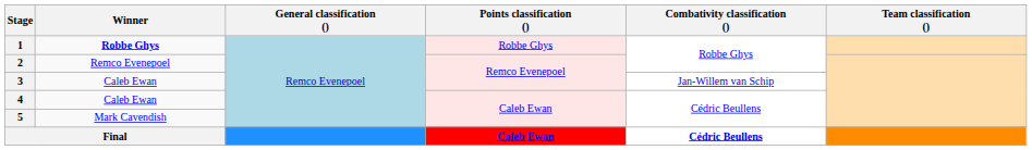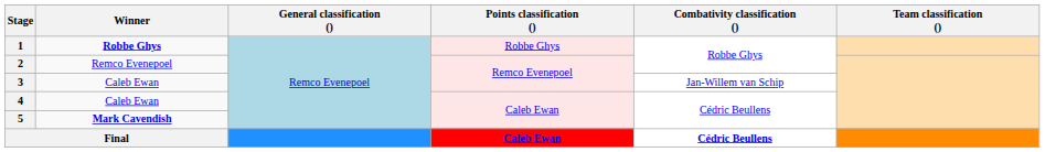 <table class="wikitable" style="text-align: center; font-size:smaller;">
 <tr style="background:#efefef;">
 <th width="1%">Stage</th>
 <th width="19%">Winner</th>
 <th width="20%">General classification<br>()<br></th>
 <th width="20%">Points classification<br>()<br></th>
 <th width="20%">Combativity classification<br>()<br></th>
 <th width="20%">Team classification<br>()</th>
 </tr>
 <tr>
 <th>1</th>
 <td><strong><a href='#'>Robbe Ghys</a></strong></td>
 <td style="background:lightblue;" rowspan="5"><a href='#'>Remco Evenepoel</a></td>
 <td style="background:#FFE6E6;"><a href='#'>Robbe Ghys</a></td>
 <td style="background:white;" rowspan="2"><a href='#'>Robbe Ghys</a></td>
 <td style="background:navajowhite;"></td>
 </tr>
 <tr>
 <th>2</th>
 <td><a href='#'>Remco Evenepoel</a></td>
 <td style="background:#FFE6E6;" rowspan="2"><a href='#'>Remco Evenepoel</a></td>
 <td style="background:navajowhite;" rowspan="4"></td>
 </tr>
 <tr>
 <th>3</th>
 <td><a href='#'>Caleb Ewan</a></td>
 <td style="background:white;"><a href='#'>Jan-Willem van Schip</a></td>
 </tr>
 <tr>
 <th>4</th>
 <td><a href='#'>Caleb Ewan</a></td>
 <td style="background:#FFE6E6;"  rowspan="2"><a href='#'>Caleb Ewan</a></td>
 <td style="background:white;" rowspan="2"><a href='#'>Cédric Beullens</a></td>
 </tr>
 <tr>
 <th>5</th>
-<td><a href='#'>Mark Cavendish</a></td>
+<td><strong><a href='#'>Mark Cavendish</a></strong></td>
 </tr>
 <tr>
 <th colspan="2">Final</th>
 <th style="background:dodgerblue;"></th>
 <th style="background:#f00;"><a href='#'>Caleb Ewan</a></th>
 <th style="background:white;"><a href='#'>Cédric Beullens</a></th>
 <th style="background:#FF8C00;"></th>
 </tr>
 </table>
